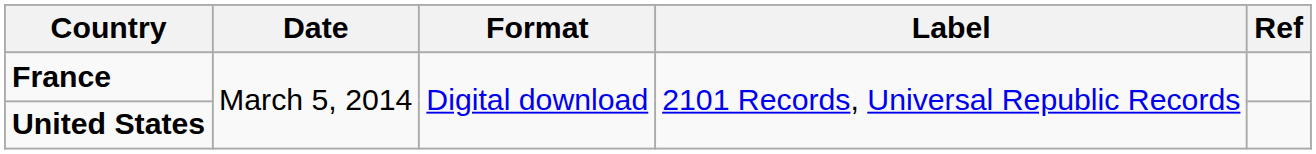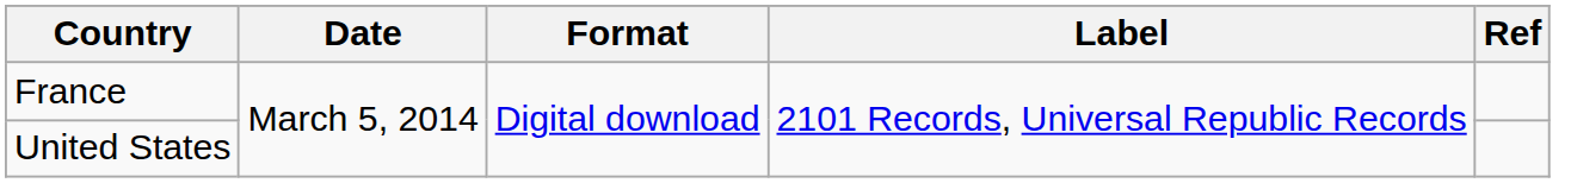 <table class="wikitable">
 <tr>
 <th>Country</th>
 <th>Date</th>
 <th>Format</th>
 <th>Label</th>
 <th>Ref</th>
 </tr>
 <tr>
-<td><strong>France</strong></td>
+<td>France</td>
 <td rowspan="2">March 5, 2014</td>
 <td rowspan="2"><a href='#'>Digital download</a></td>
 <td rowspan="2"><a href='#'>2101 Records</a>, <a href='#'>Universal Republic Records</a></td>
 <td></td>
 </tr>
 <tr>
-<td><strong>United States</strong></td>
+<td>United States</td>
 <td></td>
 </tr>
 </table>
